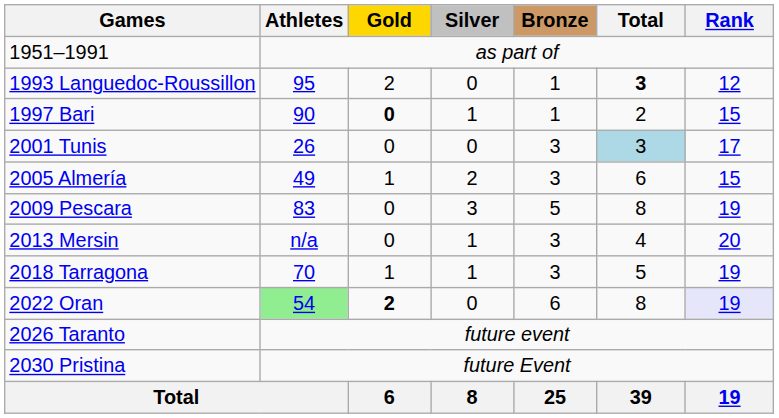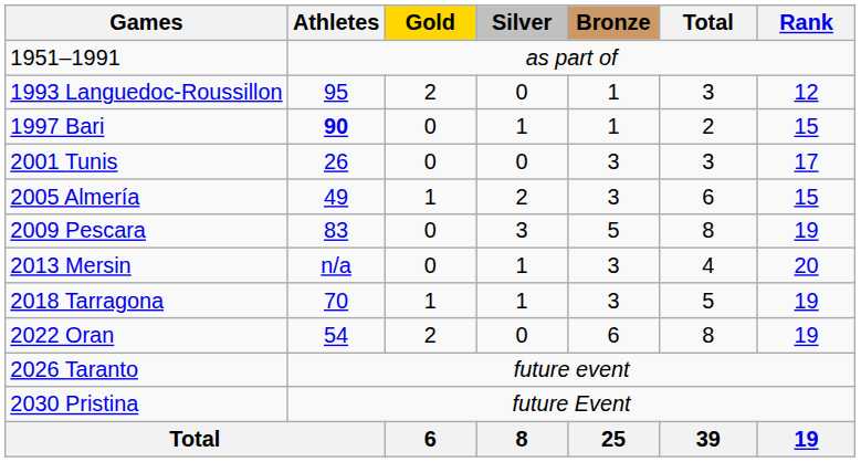 <table class="wikitable" style="text-align:center; font-size:90%;">
 <tr>
 <th>Games</th>
 <th>Athletes</th>
 <td style="background:gold; width:3.7em; font-weight:bold;">Gold</td>
 <td style="background:silver; width:3.7em; font-weight:bold;">Silver</td>
 <td style="background:#cc9966; width:3.7em; font-weight:bold;">Bronze</td>
 <th style="width:4em; font-weight:bold;">Total</th>
 <th style="width:4em; font-weight:bold;"><a href='#'>Rank</a></th>
 </tr>
 <tr>
 <td align=left>1951–1991</td>
 <td colspan=6><em>as part of </em></td>
 </tr>
 <tr>
 <td align=left> <a href='#'>1993 Languedoc-Roussillon</a></td>
 <td><a href='#'>95</a></td>
 <td>2</td>
 <td>0</td>
 <td>1</td>
-<td><strong>3</strong></td>
+<td>3</td>
 <td><a href='#'>12</a></td>
 </tr>
 <tr>
 <td align=left> <a href='#'>1997 Bari</a></td>
-<td><a href='#'>90</a></td>
-<td><strong>0</strong></td>
+<td><strong><a href='#'>90</a></strong></td>
+<td>0</td>
 <td>1</td>
 <td>1</td>
 <td>2</td>
 <td><a href='#'>15</a></td>
 </tr>
 <tr>
 <td align=left> <a href='#'>2001 Tunis</a></td>
 <td><a href='#'>26</a></td>
 <td>0</td>
 <td>0</td>
 <td>3</td>
-<td style="background: lightblue;">3</td>
+<td>3</td>
 <td><a href='#'>17</a></td>
 </tr>
 <tr>
 <td align=left> <a href='#'>2005 Almería</a></td>
 <td><a href='#'>49</a></td>
 <td>1</td>
 <td>2</td>
 <td>3</td>
 <td>6</td>
 <td><a href='#'>15</a></td>
 </tr>
 <tr>
 <td align=left> <a href='#'>2009 Pescara</a></td>
 <td><a href='#'>83</a></td>
 <td>0</td>
 <td>3</td>
 <td>5</td>
 <td>8</td>
 <td><a href='#'>19</a></td>
 </tr>
 <tr>
 <td align=left> <a href='#'>2013 Mersin</a></td>
 <td><a href='#'>n/a</a></td>
 <td>0</td>
 <td>1</td>
 <td>3</td>
 <td>4</td>
 <td><a href='#'>20</a></td>
 </tr>
 <tr>
 <td align=left> <a href='#'>2018 Tarragona</a></td>
 <td><a href='#'>70</a></td>
 <td>1</td>
 <td>1</td>
 <td>3</td>
 <td>5</td>
 <td><a href='#'>19</a></td>
 </tr>
 <tr>
 <td align=left> <a href='#'>2022 Oran</a></td>
-<td style="background: lightgreen;"><a href='#'>54</a></td>
-<td><strong>2</strong></td>
+<td><a href='#'>54</a></td>
+<td>2</td>
 <td>0</td>
 <td>6</td>
 <td>8</td>
-<td style="background: lavender;"><a href='#'>19</a></td>
+<td><a href='#'>19</a></td>
 </tr>
 <tr>
 <td align=left> <a href='#'>2026 Taranto</a></td>
 <td colspan=6><em>future event</em></td>
 </tr>
 <tr>
 <td align=left> <a href='#'>2030 Pristina</a></td>
 <td colspan=6><em>future Event</em></td>
 </tr>
 <tr>
 <th colspan=2>Total</th>
 <th>6</th>
 <th>8</th>
 <th>25</th>
 <th>39</th>
 <th><a href='#'>19</a></th>
 </tr>
 </table>
